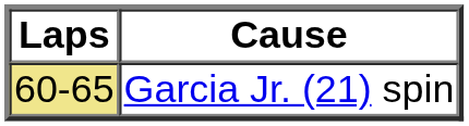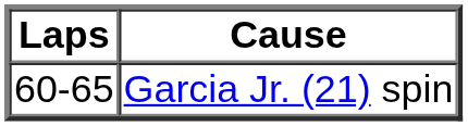 <table border=2 cellspacing=0>
 <tr>
 <th>Laps</th>
 <th>Cause</th>
 </tr>
 <tr>
-<td style="background: khaki;">60-65</td>
+<td>60-65</td>
 <td><a href='#'>Garcia Jr. (21)</a> spin</td>
 </tr>
 </table>
